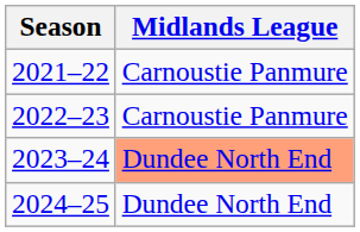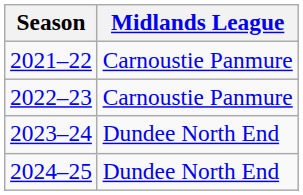 <table class="wikitable">
 <tr>
 <th>Season</th>
 <th><a href='#'>Midlands League</a></th>
 </tr>
 <tr>
 <td><a href='#'>2021–22</a></td>
 <td><a href='#'>Carnoustie Panmure</a></td>
 </tr>
 <tr>
 <td><a href='#'>2022–23</a></td>
 <td><a href='#'>Carnoustie Panmure</a></td>
 </tr>
 <tr>
 <td><a href='#'>2023–24</a></td>
-<td style="background: lightsalmon;"><a href='#'>Dundee North End</a></td>
+<td><a href='#'>Dundee North End</a></td>
 </tr>
 <tr>
 <td><a href='#'>2024–25</a></td>
 <td><a href='#'>Dundee North End</a></td>
 </tr>
 </table>
